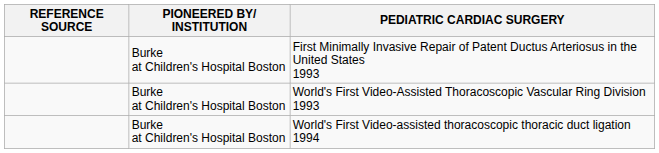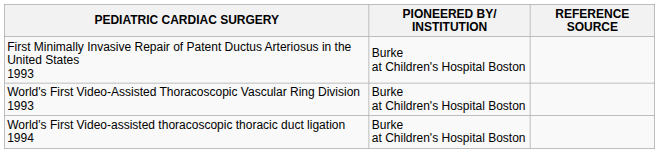 <table class="wikitable" border="1">
 <tr>
+<th>PEDIATRIC CARDIAC SURGERY</th>
+<th>PIONEERED BY/ INSTITUTION</th>
 <th>REFERENCE SOURCE</th>
-<th>PIONEERED BY/ INSTITUTION</th>
-<th>PEDIATRIC CARDIAC SURGERY</th>
 </tr>
 <tr>
+<td>First Minimally Invasive Repair of Patent Ductus Arteriosus in the United States<br>1993</td>
+<td>Burke<br>at Children's Hospital Boston</td>
 <td></td>
-<td>Burke<br>at Children's Hospital Boston</td>
-<td>First Minimally Invasive Repair of Patent Ductus Arteriosus in the United States<br>1993</td>
 </tr>
 <tr>
+<td>World's First Video-Assisted Thoracoscopic Vascular Ring Division<br>1993</td>
+<td>Burke<br>at Children's Hospital Boston</td>
 <td></td>
-<td>Burke<br>at Children's Hospital Boston</td>
-<td>World's First Video-Assisted Thoracoscopic Vascular Ring Division<br>1993</td>
 </tr>
 <tr>
+<td>World's First Video-assisted thoracoscopic thoracic duct ligation<br>1994</td>
+<td>Burke<br>at Children's Hospital Boston</td>
 <td></td>
-<td>Burke<br>at Children's Hospital Boston</td>
-<td>World's First Video-assisted thoracoscopic thoracic duct ligation<br>1994</td>
 </tr>
 </table>
